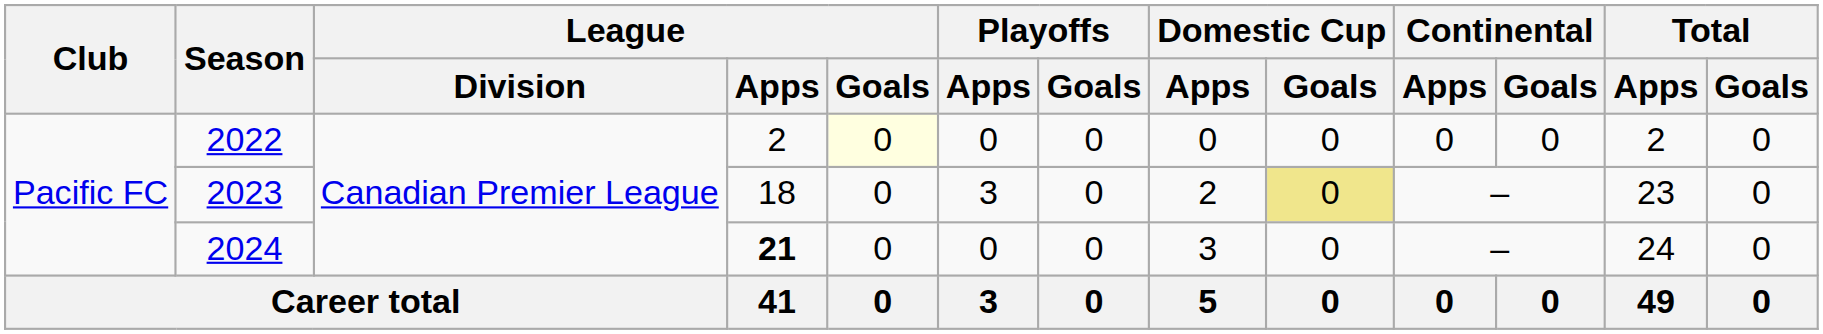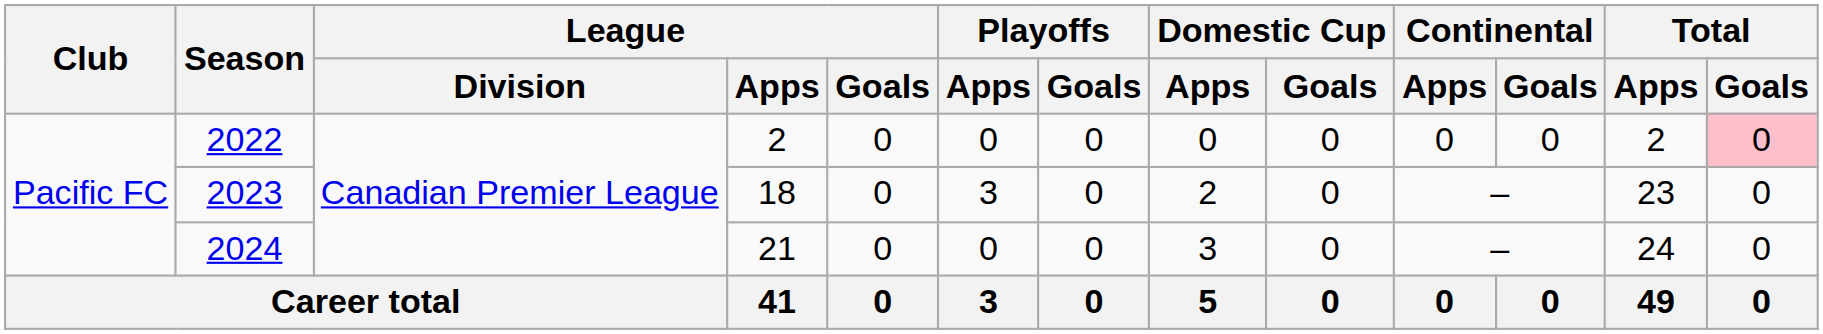 <table class="wikitable" style="text-align: center">
 <tr>
 <th rowspan="2">Club</th>
 <th rowspan="2">Season</th>
 <th colspan="3">League</th>
 <th colspan="2">Playoffs</th>
 <th colspan="2">Domestic Cup</th>
 <th colspan="2">Continental</th>
 <th colspan="2">Total</th>
 </tr>
 <tr>
 <th>Division</th>
 <th>Apps</th>
 <th>Goals</th>
 <th>Apps</th>
 <th>Goals</th>
 <th>Apps</th>
 <th>Goals</th>
 <th>Apps</th>
 <th>Goals</th>
 <th>Apps</th>
 <th>Goals</th>
 </tr>
 <tr>
 <td rowspan=3><a href='#'>Pacific FC</a></td>
 <td><a href='#'>2022</a></td>
 <td rowspan=3><a href='#'>Canadian Premier League</a></td>
 <td>2</td>
-<td style="background: lightyellow;">0</td>
+<td>0</td>
 <td>0</td>
 <td>0</td>
 <td>0</td>
 <td>0</td>
 <td>0</td>
 <td>0</td>
 <td>2</td>
-<td>0</td>
+<td style="background: pink;">0</td>
 </tr>
 <tr>
 <td><a href='#'>2023</a></td>
 <td>18</td>
 <td>0</td>
 <td>3</td>
 <td>0</td>
 <td>2</td>
-<td style="background: khaki;">0</td>
+<td>0</td>
 <td colspan="2">–</td>
 <td>23</td>
 <td>0</td>
 </tr>
 <tr>
 <td><a href='#'>2024</a></td>
-<td><strong>21</strong></td>
+<td>21</td>
 <td>0</td>
 <td>0</td>
 <td>0</td>
 <td>3</td>
 <td>0</td>
 <td colspan="2">–</td>
 <td>24</td>
 <td>0</td>
 </tr>
 <tr>
 <th colspan="3"><strong>Career total</strong></th>
 <th>41</th>
 <th>0</th>
 <th>3</th>
 <th>0</th>
 <th>5</th>
 <th>0</th>
 <th>0</th>
 <th>0</th>
 <th>49</th>
 <th>0</th>
 </tr>
 </table>
